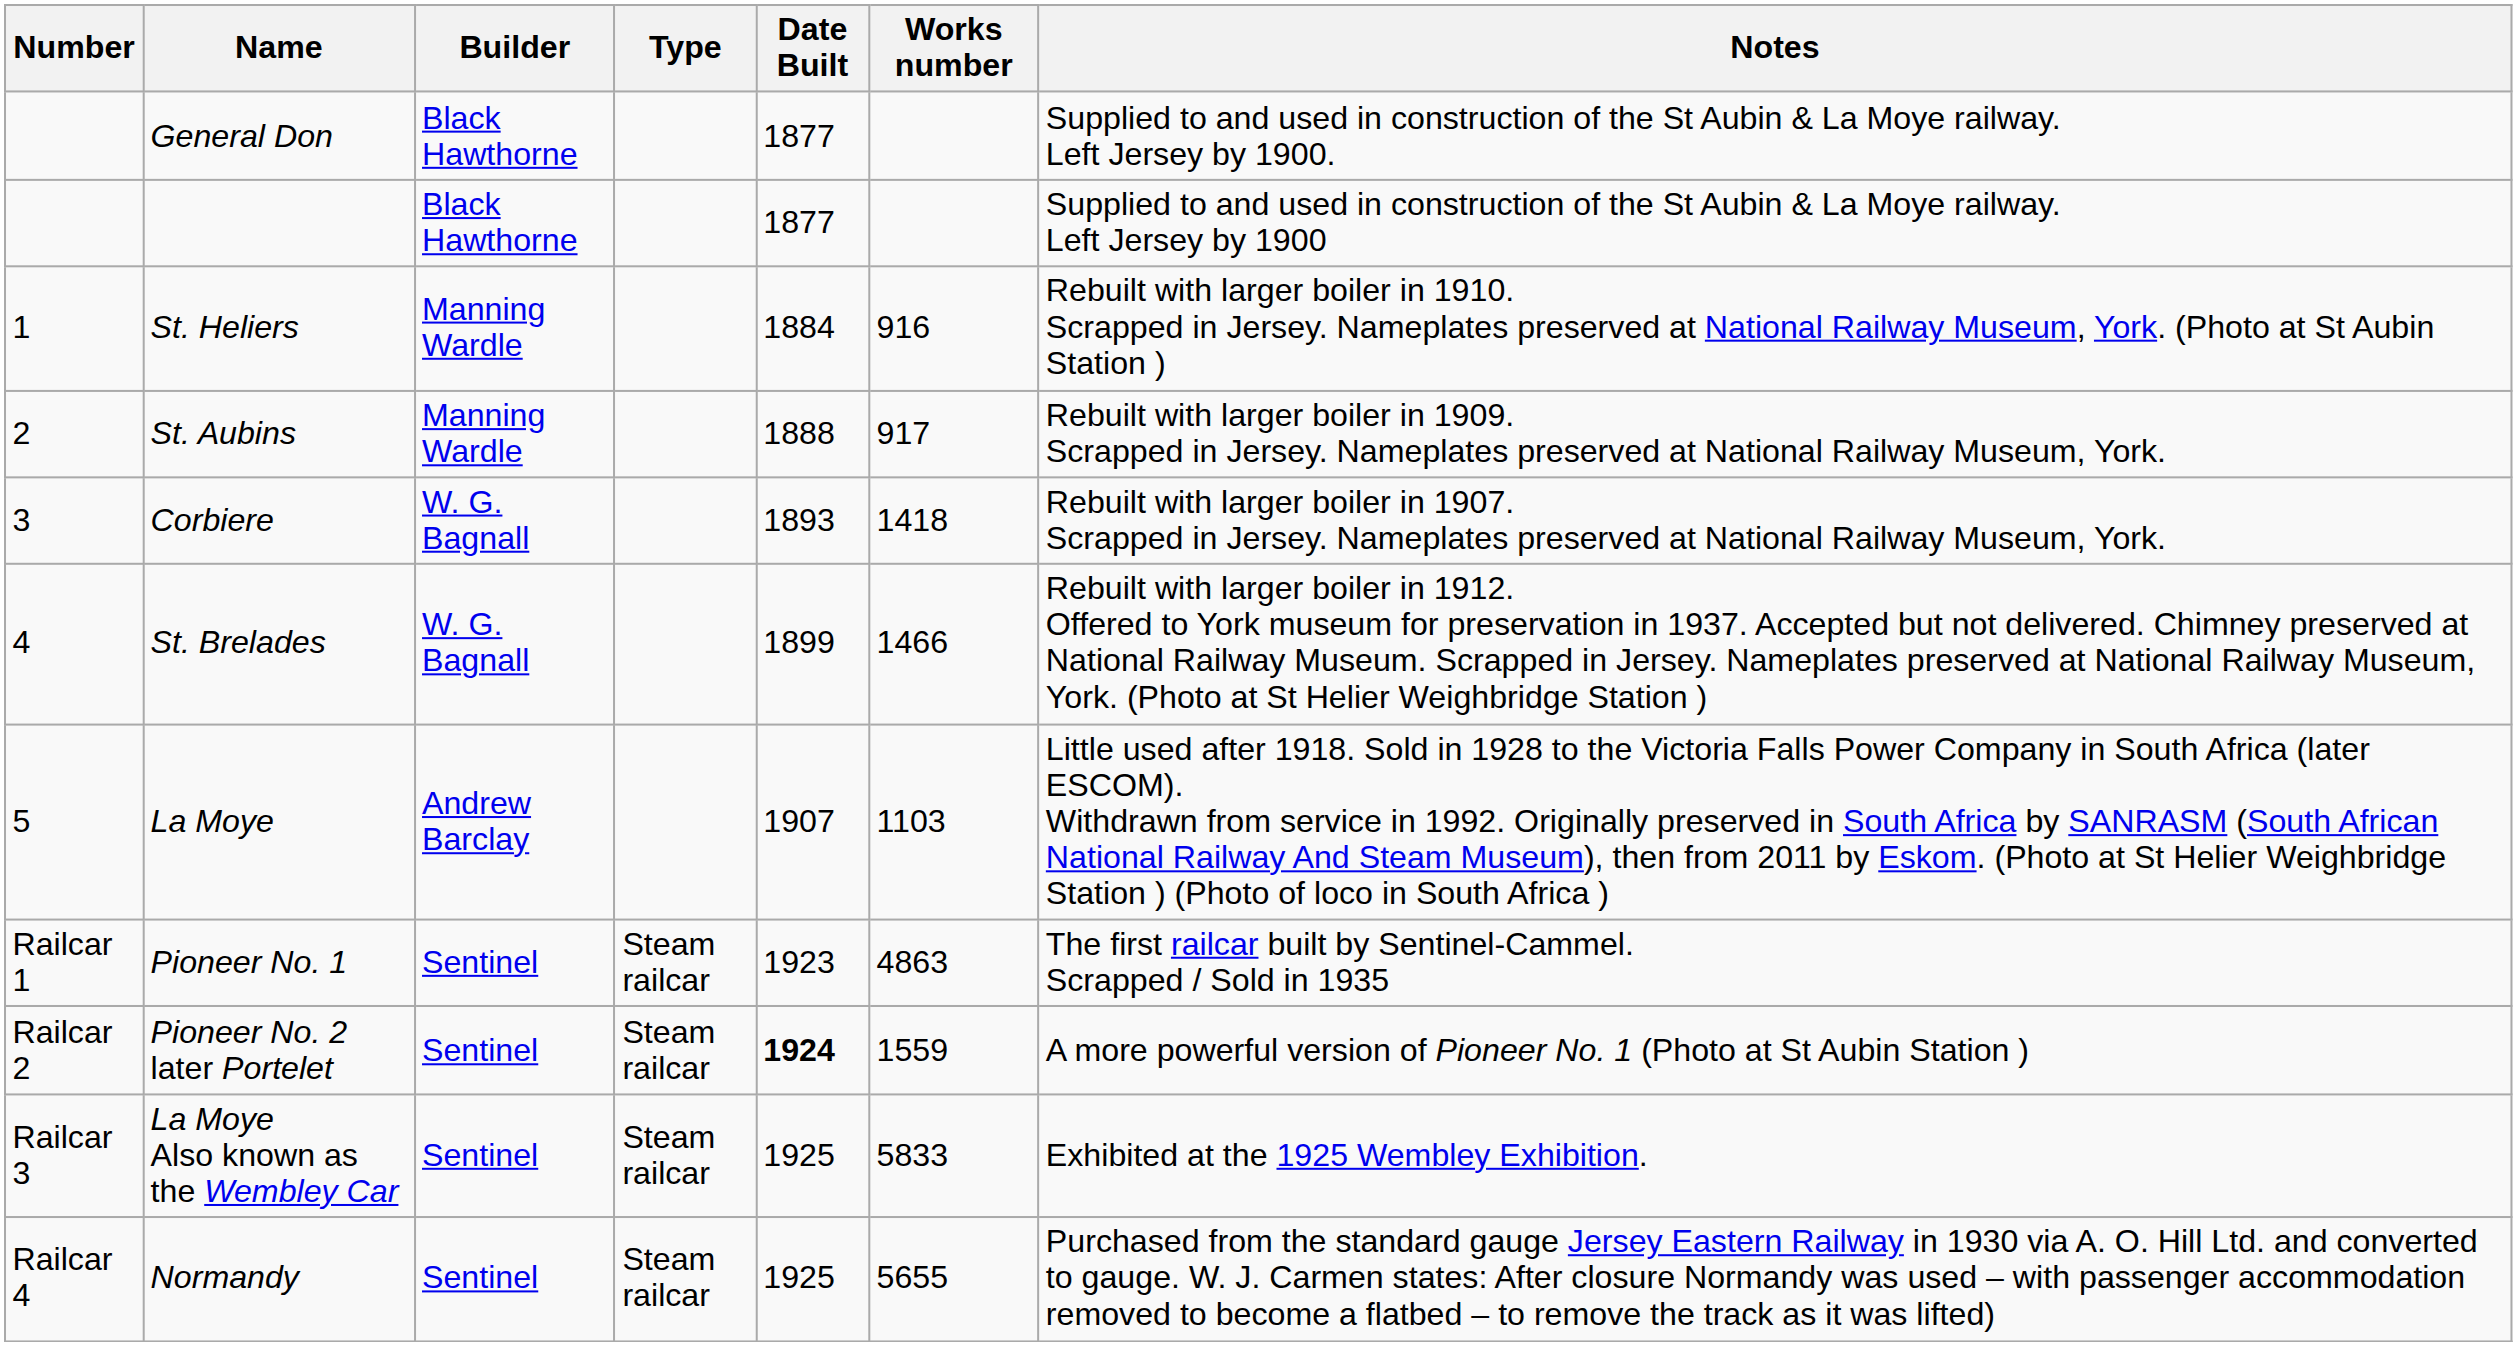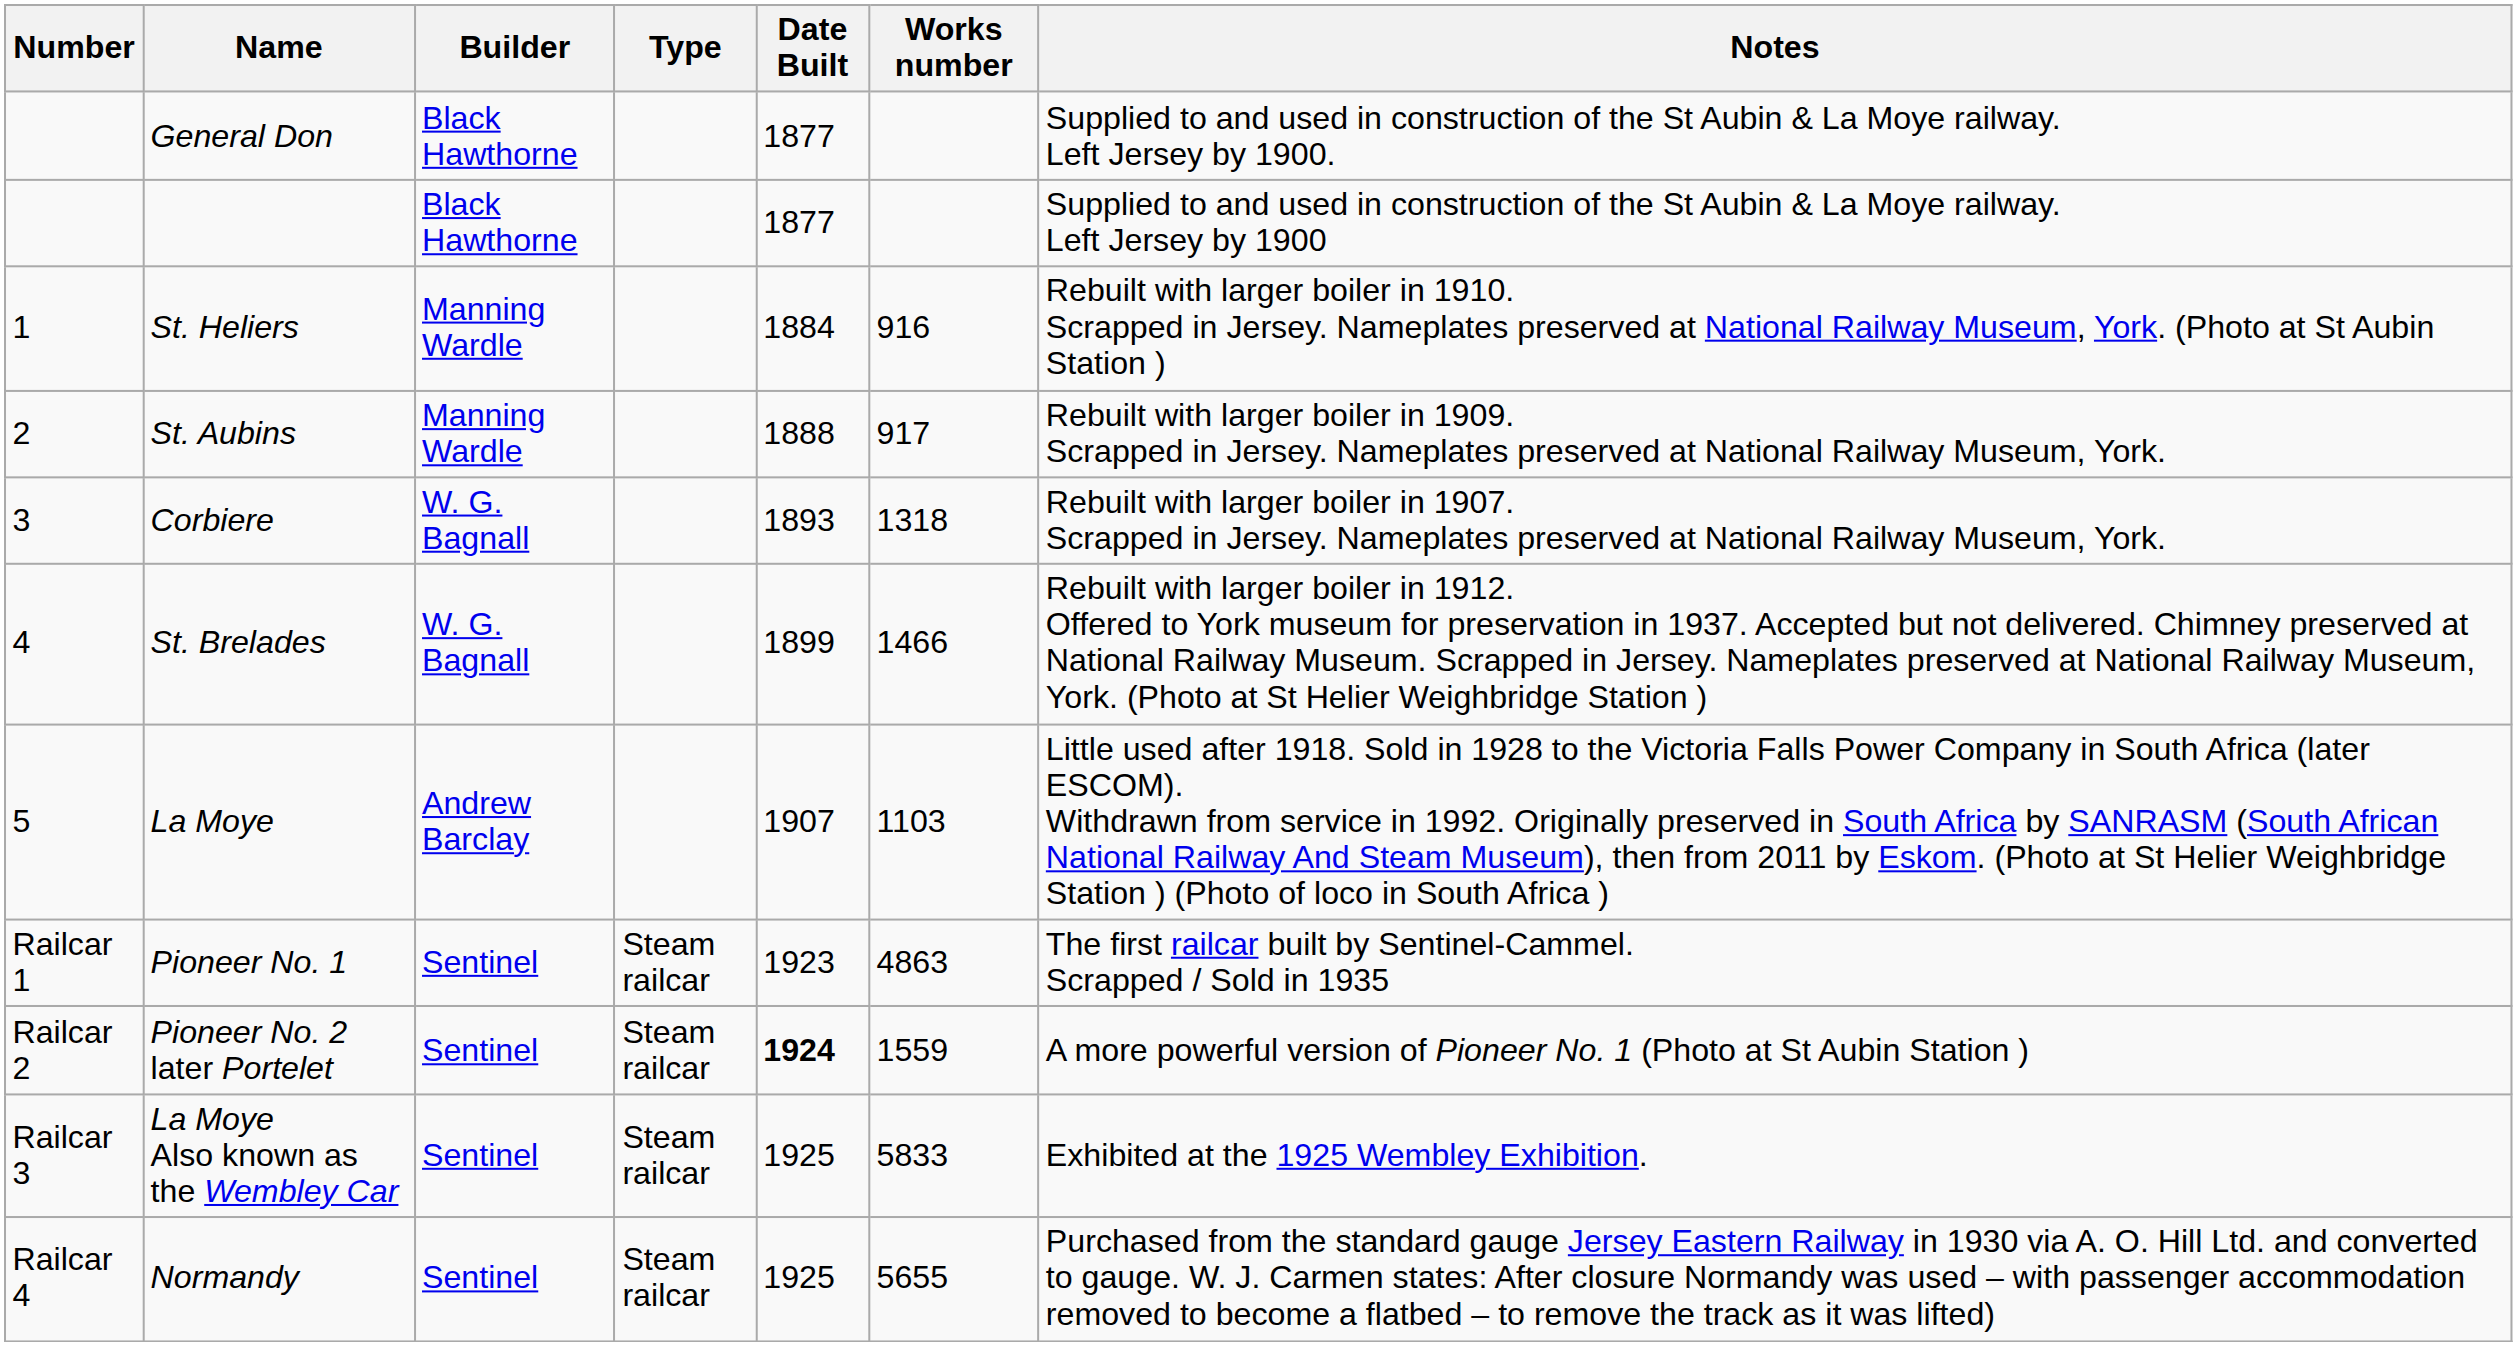 <table class="wikitable">
 <tr>
 <th>Number</th>
 <th>Name</th>
 <th>Builder</th>
 <th>Type</th>
 <th>Date Built</th>
 <th>Works number</th>
 <th>Notes</th>
 </tr>
 <tr>
 <td></td>
 <td><em>General Don</em></td>
 <td><a href='#'>Black Hawthorne</a></td>
 <td></td>
 <td>1877</td>
 <td></td>
 <td>Supplied to and used in construction of the St Aubin & La Moye railway.<br>Left Jersey by 1900.</td>
 </tr>
 <tr>
 <td></td>
 <td></td>
 <td><a href='#'>Black Hawthorne</a></td>
 <td></td>
 <td>1877</td>
 <td></td>
 <td>Supplied to and used in construction of the St Aubin & La Moye railway.<br>Left Jersey by 1900</td>
 </tr>
 <tr .>
 <td>1</td>
 <td><em>St. Heliers</em></td>
 <td><a href='#'>Manning Wardle</a></td>
 <td></td>
 <td>1884</td>
 <td>916</td>
 <td>Rebuilt with larger boiler in 1910.<br>Scrapped in Jersey. Nameplates preserved at <a href='#'>National Railway Museum</a>, <a href='#'>York</a>.  (Photo at St Aubin Station )</td>
 </tr>
 <tr>
 <td>2</td>
 <td><em>St. Aubins</em></td>
 <td><a href='#'>Manning Wardle</a></td>
 <td></td>
 <td>1888</td>
 <td>917</td>
 <td>Rebuilt with larger boiler in 1909.<br>Scrapped in Jersey. Nameplates preserved at National Railway Museum, York.</td>
 </tr>
 <tr>
 <td>3</td>
 <td><em>Corbiere</em></td>
 <td><a href='#'>W. G. Bagnall</a></td>
 <td></td>
 <td>1893</td>
-<td>1418</td>
+<td>1318</td>
 <td>Rebuilt with larger boiler in 1907.<br>Scrapped in Jersey. Nameplates preserved at National Railway Museum, York.</td>
 </tr>
 <tr>
 <td>4</td>
 <td><em>St. Brelades</em></td>
 <td><a href='#'>W. G. Bagnall</a></td>
 <td></td>
 <td>1899</td>
 <td>1466</td>
 <td>Rebuilt with larger boiler in 1912.<br>Offered to York museum for preservation in 1937. Accepted but not delivered.  Chimney preserved at National Railway Museum. Scrapped in Jersey. Nameplates preserved at National Railway Museum, York.  (Photo at St Helier Weighbridge Station )</td>
 </tr>
 <tr>
 <td>5</td>
 <td><em>La Moye</em></td>
 <td><a href='#'>Andrew Barclay</a></td>
 <td></td>
 <td>1907</td>
 <td>1103</td>
 <td>Little used after 1918. Sold in 1928 to the Victoria Falls Power Company in South Africa (later ESCOM).<br>Withdrawn from service in 1992. Originally preserved in <a href='#'>South Africa</a> by <a href='#'>SANRASM</a> (<a href='#'>South African National Railway And Steam Museum</a>), then from 2011 by <a href='#'>Eskom</a>. (Photo at St Helier Weighbridge Station ) (Photo of loco in South Africa )</td>
 </tr>
 <tr>
 <td>Railcar 1</td>
 <td><em>Pioneer No. 1</em></td>
 <td><a href='#'>Sentinel</a></td>
 <td>Steam railcar</td>
 <td>1923</td>
 <td>4863</td>
 <td>The first <a href='#'>railcar</a> built by Sentinel-Cammel.<br>Scrapped / Sold in 1935</td>
 </tr>
 <tr>
 <td>Railcar 2</td>
 <td><em>Pioneer No. 2</em><br>later <em>Portelet</em></td>
 <td><a href='#'>Sentinel</a></td>
 <td>Steam railcar</td>
 <td><strong>1924</strong></td>
 <td>1559</td>
 <td>A more powerful version of <em>Pioneer No. 1</em> (Photo at St Aubin Station )</td>
 </tr>
 <tr>
 <td>Railcar 3</td>
 <td><em>La Moye</em><br>Also known as the <em><a href='#'>Wembley Car</a></em></td>
 <td><a href='#'>Sentinel</a></td>
 <td>Steam railcar</td>
 <td>1925</td>
 <td>5833</td>
 <td>Exhibited at the <a href='#'>1925 Wembley Exhibition</a>.</td>
 </tr>
 <tr>
 <td>Railcar 4</td>
 <td><em>Normandy</em></td>
 <td><a href='#'>Sentinel</a></td>
 <td>Steam railcar</td>
 <td>1925</td>
 <td>5655</td>
 <td>Purchased from the standard gauge <a href='#'>Jersey Eastern Railway</a> in 1930 via A. O. Hill Ltd. and converted to  gauge.  W. J. Carmen states:  After closure Normandy was used – with passenger accommodation removed to become a flatbed – to remove the track as it was lifted)</td>
 </tr>
 <tr>
 </tr>
 </table>
